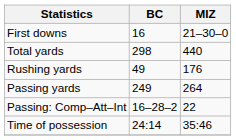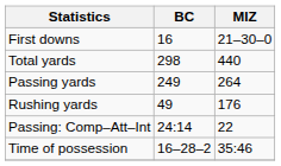 <table class="wikitable" style="float: left;">
 <tr>
 <th>Statistics</th>
 <th>BC</th>
 <th>MIZ</th>
 </tr>
 <tr>
 <td>First downs</td>
 <td>16</td>
 <td>21–30–0</td>
 </tr>
 <tr>
 <td>Total yards</td>
 <td>298</td>
 <td>440</td>
 </tr>
 <tr>
+<td>Passing yards</td>
+<td>249</td>
+<td>264</td>
+</tr>
+<tr>
 <td>Rushing yards</td>
 <td>49</td>
 <td>176</td>
 </tr>
 <tr>
-<td>Passing yards</td>
-<td>249</td>
-<td>264</td>
-</tr>
-<tr>
 <td>Passing: Comp–Att–Int</td>
-<td>16–28–2</td>
+<td>24:14</td>
 <td>22</td>
 </tr>
 <tr>
 <td>Time of possession</td>
-<td>24:14</td>
+<td>16–28–2</td>
 <td>35:46</td>
 </tr>
 <tr>
 </tr>
 </table>
